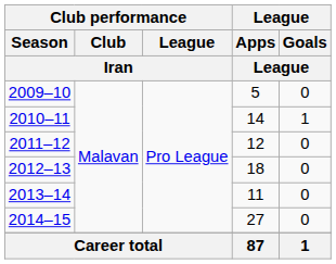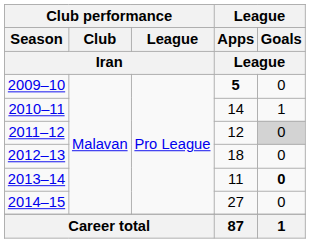 <table class="wikitable" style="text-align:center;">
 <tr>
 <th colspan=3>Club performance</th>
 <th colspan=2>League</th>
 </tr>
 <tr>
 <th>Season</th>
 <th>Club</th>
 <th>League</th>
 <th>Apps</th>
 <th>Goals</th>
 </tr>
 <tr>
 <th colspan=3>Iran</th>
 <th colspan=2>League</th>
 </tr>
 <tr>
 <td><a href='#'>2009–10</a></td>
 <td rowspan="6"><a href='#'>Malavan</a></td>
 <td rowspan="6"><a href='#'>Pro League</a></td>
-<td>5</td>
+<td><strong>5</strong></td>
 <td>0</td>
 </tr>
 <tr>
 <td><a href='#'>2010–11</a></td>
 <td>14</td>
 <td>1</td>
 </tr>
 <tr>
 <td><a href='#'>2011–12</a></td>
 <td>12</td>
-<td>0</td>
+<td style="background: lightgrey;">0</td>
 </tr>
 <tr>
 <td><a href='#'>2012–13</a></td>
 <td>18</td>
 <td>0</td>
 </tr>
 <tr>
 <td><a href='#'>2013–14</a></td>
 <td>11</td>
-<td>0</td>
+<td><strong>0</strong></td>
 </tr>
 <tr>
 <td><a href='#'>2014–15</a></td>
 <td>27</td>
 <td>0</td>
 </tr>
 <tr>
 </tr>
 <tr>
 <th colspan=3>Career total</th>
 <th>87</th>
 <th>1</th>
 </tr>
 </table>
